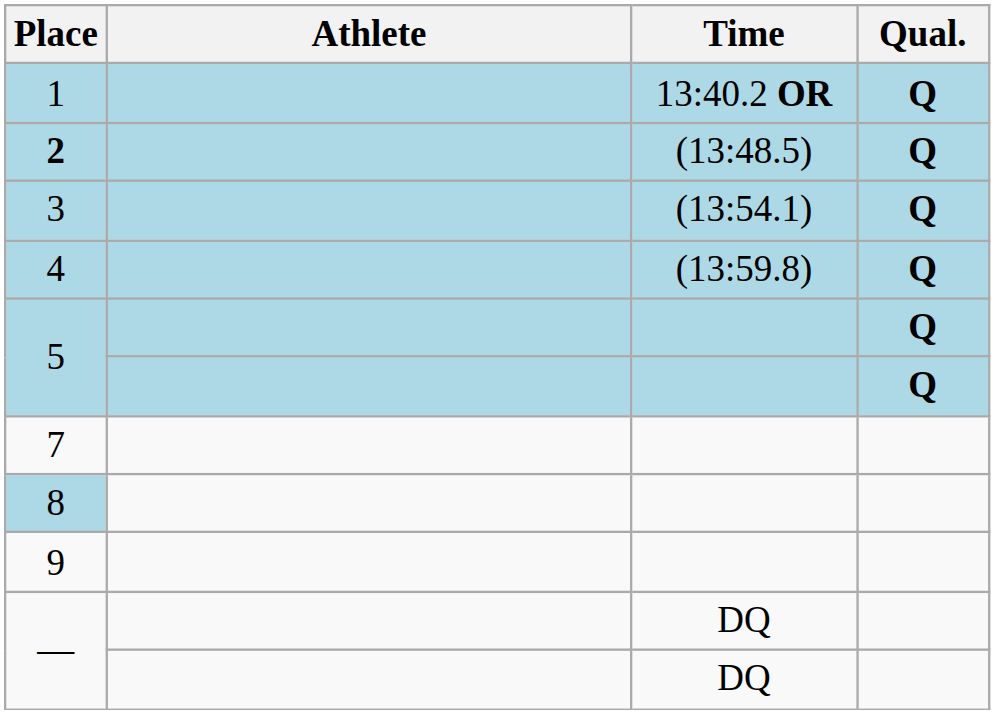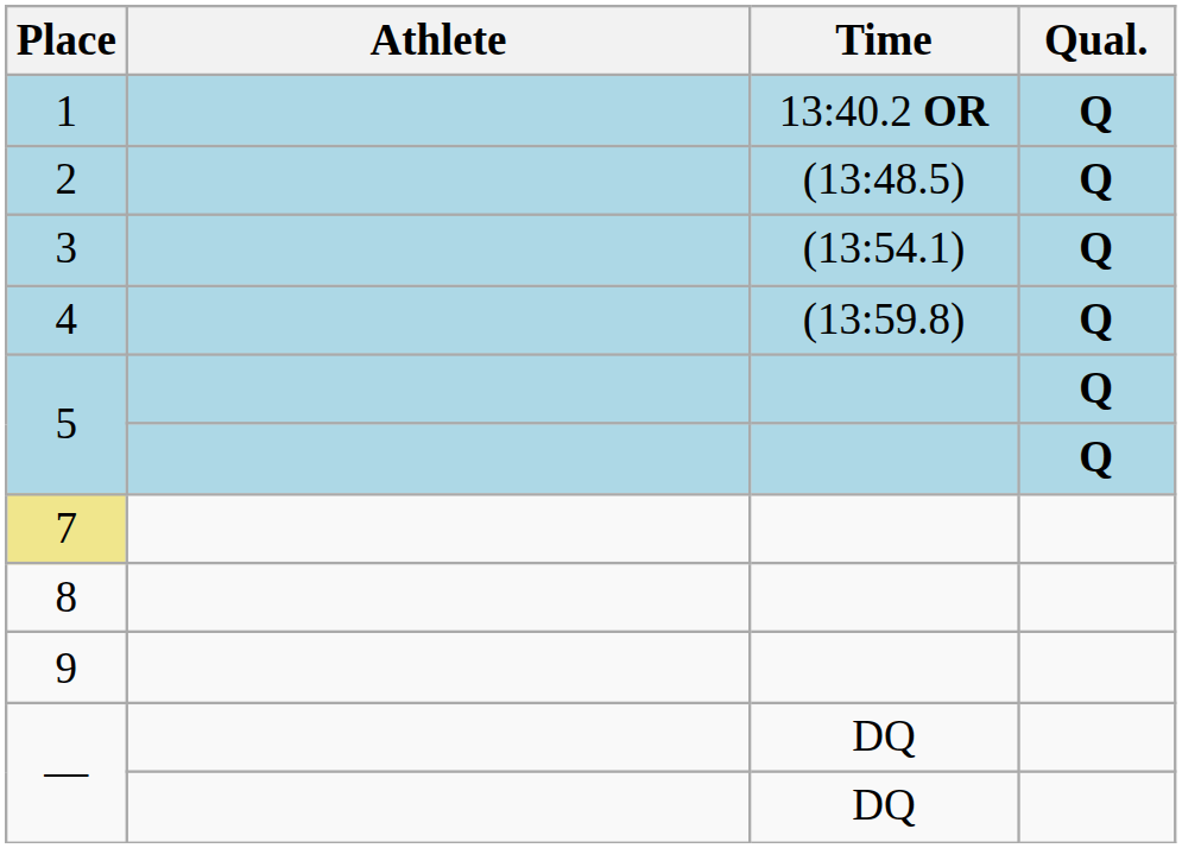 <table class=wikitable style="text-align:center">
 <tr>
 <th width=20>Place</th>
 <th width=220>Athlete</th>
 <th width=90>Time</th>
 <th width=50>Qual.</th>
 </tr>
 <tr bgcolor=lightblue>
 <td>1</td>
 <td align=left></td>
 <td>13:40.2 <strong>OR</strong></td>
 <td><strong>Q</strong></td>
 </tr>
 <tr bgcolor=lightblue>
-<td><strong>2</strong></td>
+<td>2</td>
 <td align=left></td>
 <td>(13:48.5)</td>
 <td><strong>Q</strong></td>
 </tr>
 <tr bgcolor=lightblue>
 <td>3</td>
 <td align=left></td>
 <td>(13:54.1)</td>
 <td><strong>Q</strong></td>
 </tr>
 <tr bgcolor=lightblue>
 <td>4</td>
 <td align=left></td>
 <td>(13:59.8)</td>
 <td><strong>Q</strong></td>
 </tr>
 <tr bgcolor=lightblue>
 <td rowspan=2>5</td>
 <td align=left></td>
 <td></td>
 <td><strong>Q</strong></td>
 </tr>
 <tr bgcolor=lightblue>
 <td align=left></td>
 <td></td>
 <td><strong>Q</strong></td>
 </tr>
 <tr>
-<td>7</td>
+<td style="background: khaki;">7</td>
 <td align=left></td>
 <td></td>
 <td></td>
 </tr>
 <tr>
-<td style="background: lightblue;">8</td>
+<td>8</td>
 <td align=left></td>
 <td></td>
 <td></td>
 </tr>
 <tr>
 <td>9</td>
 <td align=left></td>
 <td></td>
 <td></td>
 </tr>
 <tr>
 <td rowspan=2>—</td>
 <td align=left></td>
 <td>DQ</td>
 <td></td>
 </tr>
 <tr>
 <td align=left></td>
 <td>DQ</td>
 <td></td>
 </tr>
 </table>
